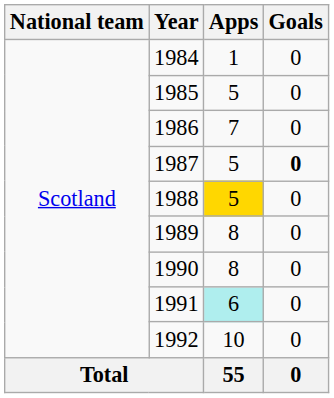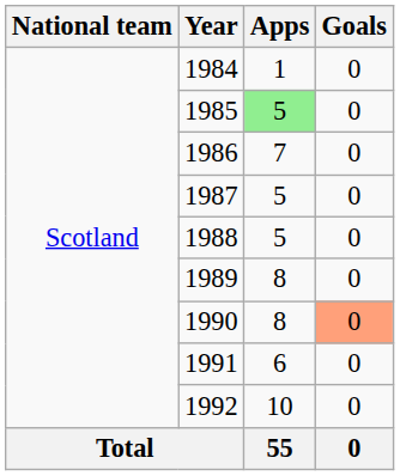 <table class="wikitable" style="text-align:center">
 <tr>
 <th>National team</th>
 <th>Year</th>
 <th>Apps</th>
 <th>Goals</th>
 </tr>
 <tr>
 <td rowspan="9"><a href='#'>Scotland</a></td>
 <td>1984</td>
 <td>1</td>
 <td>0</td>
 </tr>
 <tr>
 <td>1985</td>
-<td>5</td>
+<td style="background: lightgreen;">5</td>
 <td>0</td>
 </tr>
 <tr>
 <td>1986</td>
 <td>7</td>
 <td>0</td>
 </tr>
 <tr>
 <td>1987</td>
 <td>5</td>
-<td><strong>0</strong></td>
+<td>0</td>
 </tr>
 <tr>
 <td>1988</td>
-<td style="background: gold;">5</td>
+<td>5</td>
 <td>0</td>
 </tr>
 <tr>
 <td>1989</td>
 <td>8</td>
 <td>0</td>
 </tr>
 <tr>
 <td>1990</td>
 <td>8</td>
-<td>0</td>
+<td style="background: lightsalmon;">0</td>
 </tr>
 <tr>
 <td>1991</td>
-<td style="background: paleturquoise;">6</td>
+<td>6</td>
 <td>0</td>
 </tr>
 <tr>
 <td>1992</td>
 <td>10</td>
 <td>0</td>
 </tr>
 <tr>
 <th colspan="2">Total</th>
 <th>55</th>
 <th>0</th>
 </tr>
 </table>
